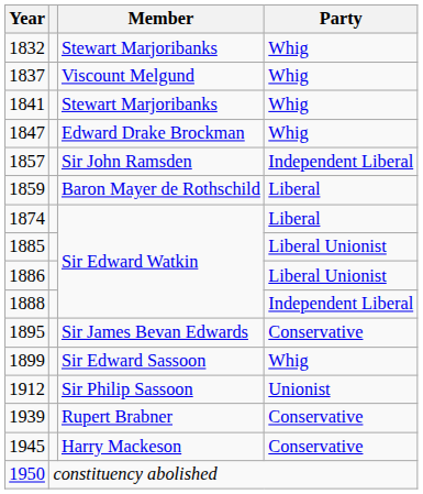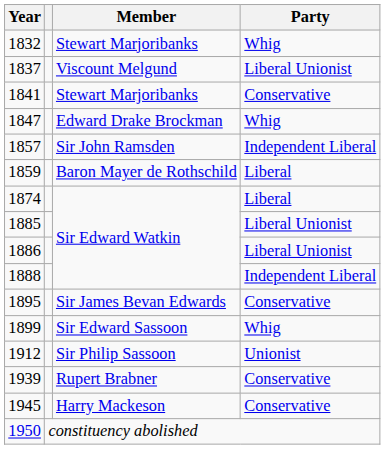 <table class="wikitable">
 <tr>
 <th>Year</th>
 <th></th>
 <th>Member</th>
 <th>Party</th>
 </tr>
 <tr>
 <td>1832</td>
 <td style="color:inherit;background-color: "></td>
 <td><a href='#'>Stewart Marjoribanks</a></td>
 <td><a href='#'>Whig</a></td>
 </tr>
 <tr>
 <td>1837</td>
 <td style="color:inherit;background-color: "></td>
 <td><a href='#'>Viscount Melgund</a></td>
-<td><a href='#'>Whig</a></td>
+<td><a href='#'>Liberal Unionist</a></td>
 </tr>
 <tr>
 <td>1841</td>
 <td style="color:inherit;background-color: "></td>
 <td><a href='#'>Stewart Marjoribanks</a></td>
-<td><a href='#'>Whig</a></td>
+<td><a href='#'>Conservative</a></td>
 </tr>
 <tr>
 <td>1847</td>
 <td style="color:inherit;background-color: "></td>
 <td><a href='#'>Edward Drake Brockman</a></td>
 <td><a href='#'>Whig</a></td>
 </tr>
 <tr>
 <td>1857</td>
 <td style="color:inherit;background-color: "></td>
 <td><a href='#'>Sir John Ramsden</a></td>
 <td><a href='#'>Independent Liberal</a></td>
 </tr>
 <tr>
 <td>1859</td>
 <td style="color:inherit;background-color: "></td>
 <td><a href='#'>Baron Mayer de Rothschild</a></td>
 <td><a href='#'>Liberal</a></td>
 </tr>
 <tr>
 <td>1874</td>
 <td style="color:inherit;background-color: "></td>
 <td rowspan="4"><a href='#'>Sir Edward Watkin</a></td>
 <td><a href='#'>Liberal</a></td>
 </tr>
 <tr>
 <td>1885</td>
 <td style="color:inherit;background-color: "></td>
 <td><a href='#'>Liberal Unionist</a></td>
 </tr>
 <tr>
 <td>1886</td>
 <td style="color:inherit;background-color: "></td>
 <td><a href='#'>Liberal Unionist</a></td>
 </tr>
 <tr>
 <td>1888</td>
 <td style="color:inherit;background-color: "></td>
 <td><a href='#'>Independent Liberal</a></td>
 </tr>
 <tr>
 <td>1895</td>
 <td style="color:inherit;background-color: "></td>
 <td><a href='#'>Sir James Bevan Edwards</a></td>
 <td><a href='#'>Conservative</a></td>
 </tr>
 <tr>
 <td>1899</td>
 <td style="color:inherit;background-color: "></td>
 <td><a href='#'>Sir Edward Sassoon</a></td>
 <td><a href='#'>Whig</a></td>
 </tr>
 <tr>
 <td>1912</td>
 <td style="color:inherit;background-color: "></td>
 <td><a href='#'>Sir Philip Sassoon</a></td>
 <td><a href='#'>Unionist</a></td>
 </tr>
 <tr>
 <td>1939</td>
 <td style="color:inherit;background-color: "></td>
 <td><a href='#'>Rupert Brabner</a></td>
 <td><a href='#'>Conservative</a></td>
 </tr>
 <tr>
 <td>1945</td>
 <td style="color:inherit;background-color: "></td>
 <td><a href='#'>Harry Mackeson</a></td>
 <td><a href='#'>Conservative</a></td>
 </tr>
 <tr>
 <td><a href='#'>1950</a></td>
 <td colspan="3"><em>constituency abolished</em></td>
 </tr>
 </table>
